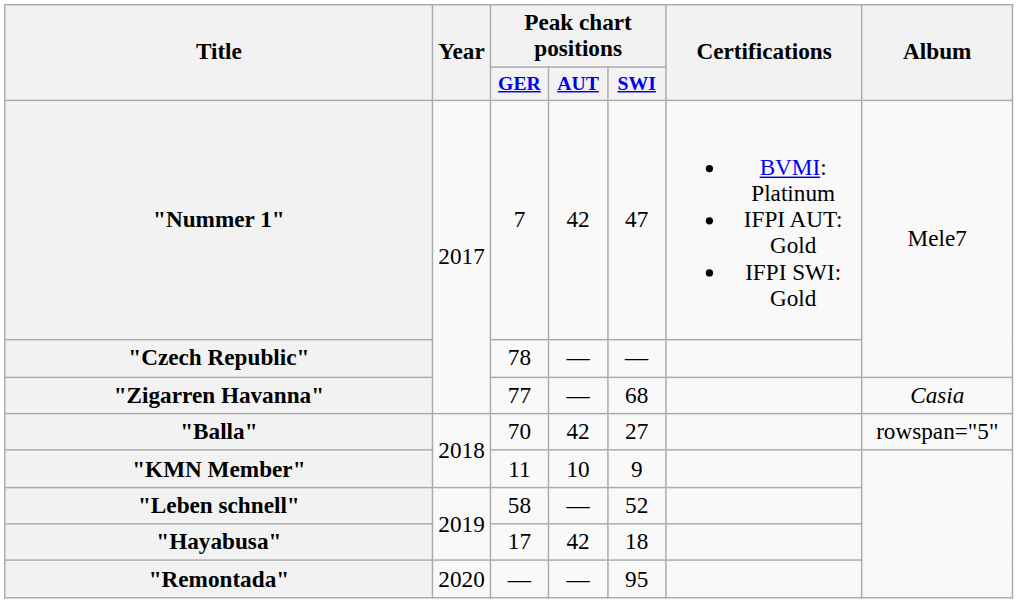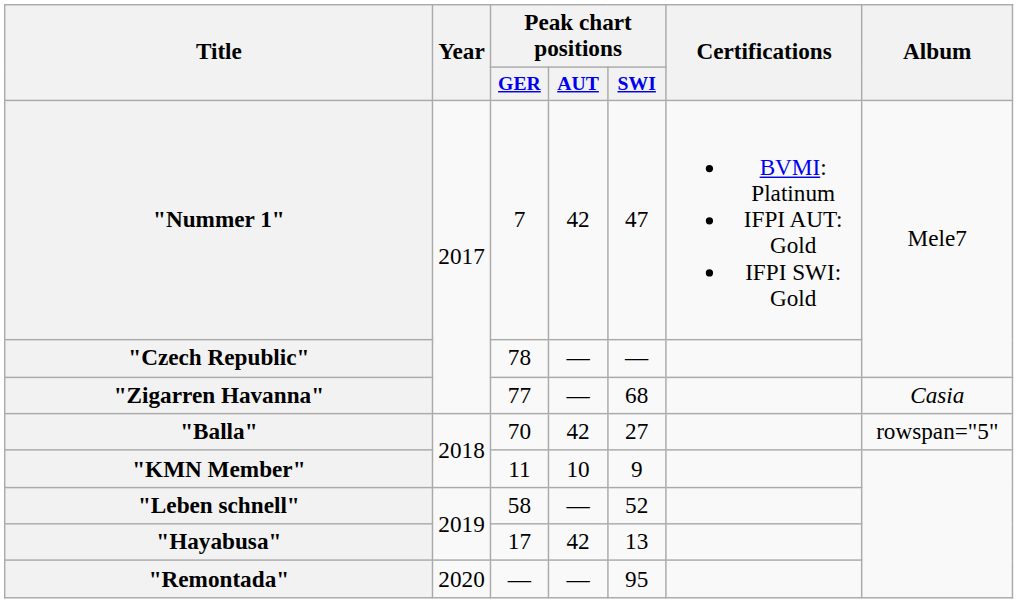 <table class="wikitable plainrowheaders" style="text-align:center;">
 <tr>
 <th scope="col" rowspan="2" style="width:18em;">Title</th>
 <th scope="col" rowspan="2" style="width:1em;">Year</th>
 <th scope="col" colspan="3">Peak chart positions</th>
 <th scope="col" rowspan="2" style="width:8em;">Certifications</th>
 <th scope="col" rowspan="2" style="width:6em;">Album</th>
 </tr>
 <tr>
 <th style="width:2.5em; font-size:85%"><a href='#'>GER</a><br></th>
 <th style="width:2.5em; font-size:85%"><a href='#'>AUT</a><br></th>
 <th style="width:2.5em; font-size:85%"><a href='#'>SWI</a><br></th>
 </tr>
 <tr>
 <th scope="row">"Nummer 1"<br></th>
 <td rowspan="3">2017</td>
 <td>7</td>
 <td>42</td>
 <td>47</td>
 <td><br><ul><li><a href='#'>BVMI</a>: Platinum</li><li>IFPI AUT: Gold</li><li>IFPI SWI: Gold</li></ul></td>
 <td rowspan="2">Mele7</td>
 </tr>
 <tr>
 <th scope="row">"Czech Republic"<br></th>
 <td>78</td>
 <td>—</td>
 <td>—</td>
 <td></td>
 </tr>
 <tr>
 <th scope="row">"Zigarren Havanna"<br></th>
 <td>77</td>
 <td>—</td>
 <td>68</td>
 <td></td>
 <td><em>Casia</em></td>
 </tr>
 <tr>
 <th scope="row">"Balla"<br></th>
 <td rowspan="2">2018</td>
 <td>70</td>
 <td>42</td>
 <td>27</td>
 <td></td>
 <td>rowspan="5" </td>
 </tr>
 <tr>
 <th scope="row">"KMN Member"<br></th>
 <td>11</td>
 <td>10</td>
 <td>9</td>
 <td></td>
 </tr>
 <tr>
 <th scope="row">"Leben schnell"<br></th>
 <td rowspan="2">2019</td>
 <td>58</td>
 <td>—</td>
 <td>52</td>
 <td></td>
 </tr>
 <tr>
 <th scope="row">"Hayabusa"<br></th>
 <td>17</td>
 <td>42</td>
-<td>18</td>
+<td>13</td>
 <td></td>
 </tr>
 <tr>
 <th scope="row">"Remontada"<br></th>
 <td>2020</td>
 <td>—</td>
 <td>—</td>
 <td>95</td>
 <td></td>
 </tr>
 </table>
